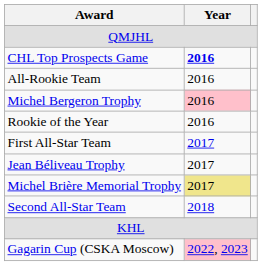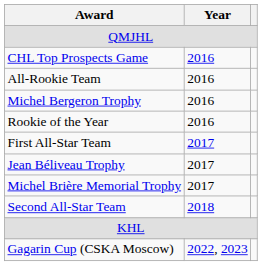 <table class="wikitable">
 <tr>
 <th>Award</th>
 <th>Year</th>
 <th></th>
 </tr>
 <tr ALIGN="center" bgcolor="#e0e0e0">
 <td colspan="3"><a href='#'>QMJHL</a></td>
 </tr>
 <tr>
 <td><a href='#'>CHL Top Prospects Game</a></td>
-<td><strong><a href='#'>2016</a></strong></td>
+<td><a href='#'>2016</a></td>
 <td></td>
 </tr>
 <tr>
 <td>All-Rookie Team</td>
 <td>2016</td>
 <td></td>
 </tr>
 <tr>
 <td><a href='#'>Michel Bergeron Trophy</a></td>
-<td style="background: pink;">2016</td>
+<td>2016</td>
 <td></td>
 </tr>
 <tr>
 <td>Rookie of the Year</td>
 <td>2016</td>
 <td></td>
 </tr>
 <tr>
 <td>First All-Star Team</td>
 <td><a href='#'>2017</a></td>
 <td></td>
 </tr>
 <tr>
 <td><a href='#'>Jean Béliveau Trophy</a></td>
 <td>2017</td>
 <td></td>
 </tr>
 <tr>
 <td><a href='#'>Michel Brière Memorial Trophy</a></td>
-<td style="background: khaki;">2017</td>
+<td>2017</td>
 <td></td>
 </tr>
 <tr>
 <td><a href='#'>Second All-Star Team</a></td>
 <td><a href='#'>2018</a></td>
 <td></td>
 </tr>
 <tr ALIGN="center" bgcolor="#e0e0e0">
 <td colspan="3"><a href='#'>KHL</a></td>
 </tr>
 <tr>
 <td><a href='#'>Gagarin Cup</a> (CSKA Moscow)</td>
-<td style="background: pink;"><a href='#'>2022</a>, <a href='#'>2023</a></td>
+<td><a href='#'>2022</a>, <a href='#'>2023</a></td>
 <td></td>
 </tr>
 </table>
